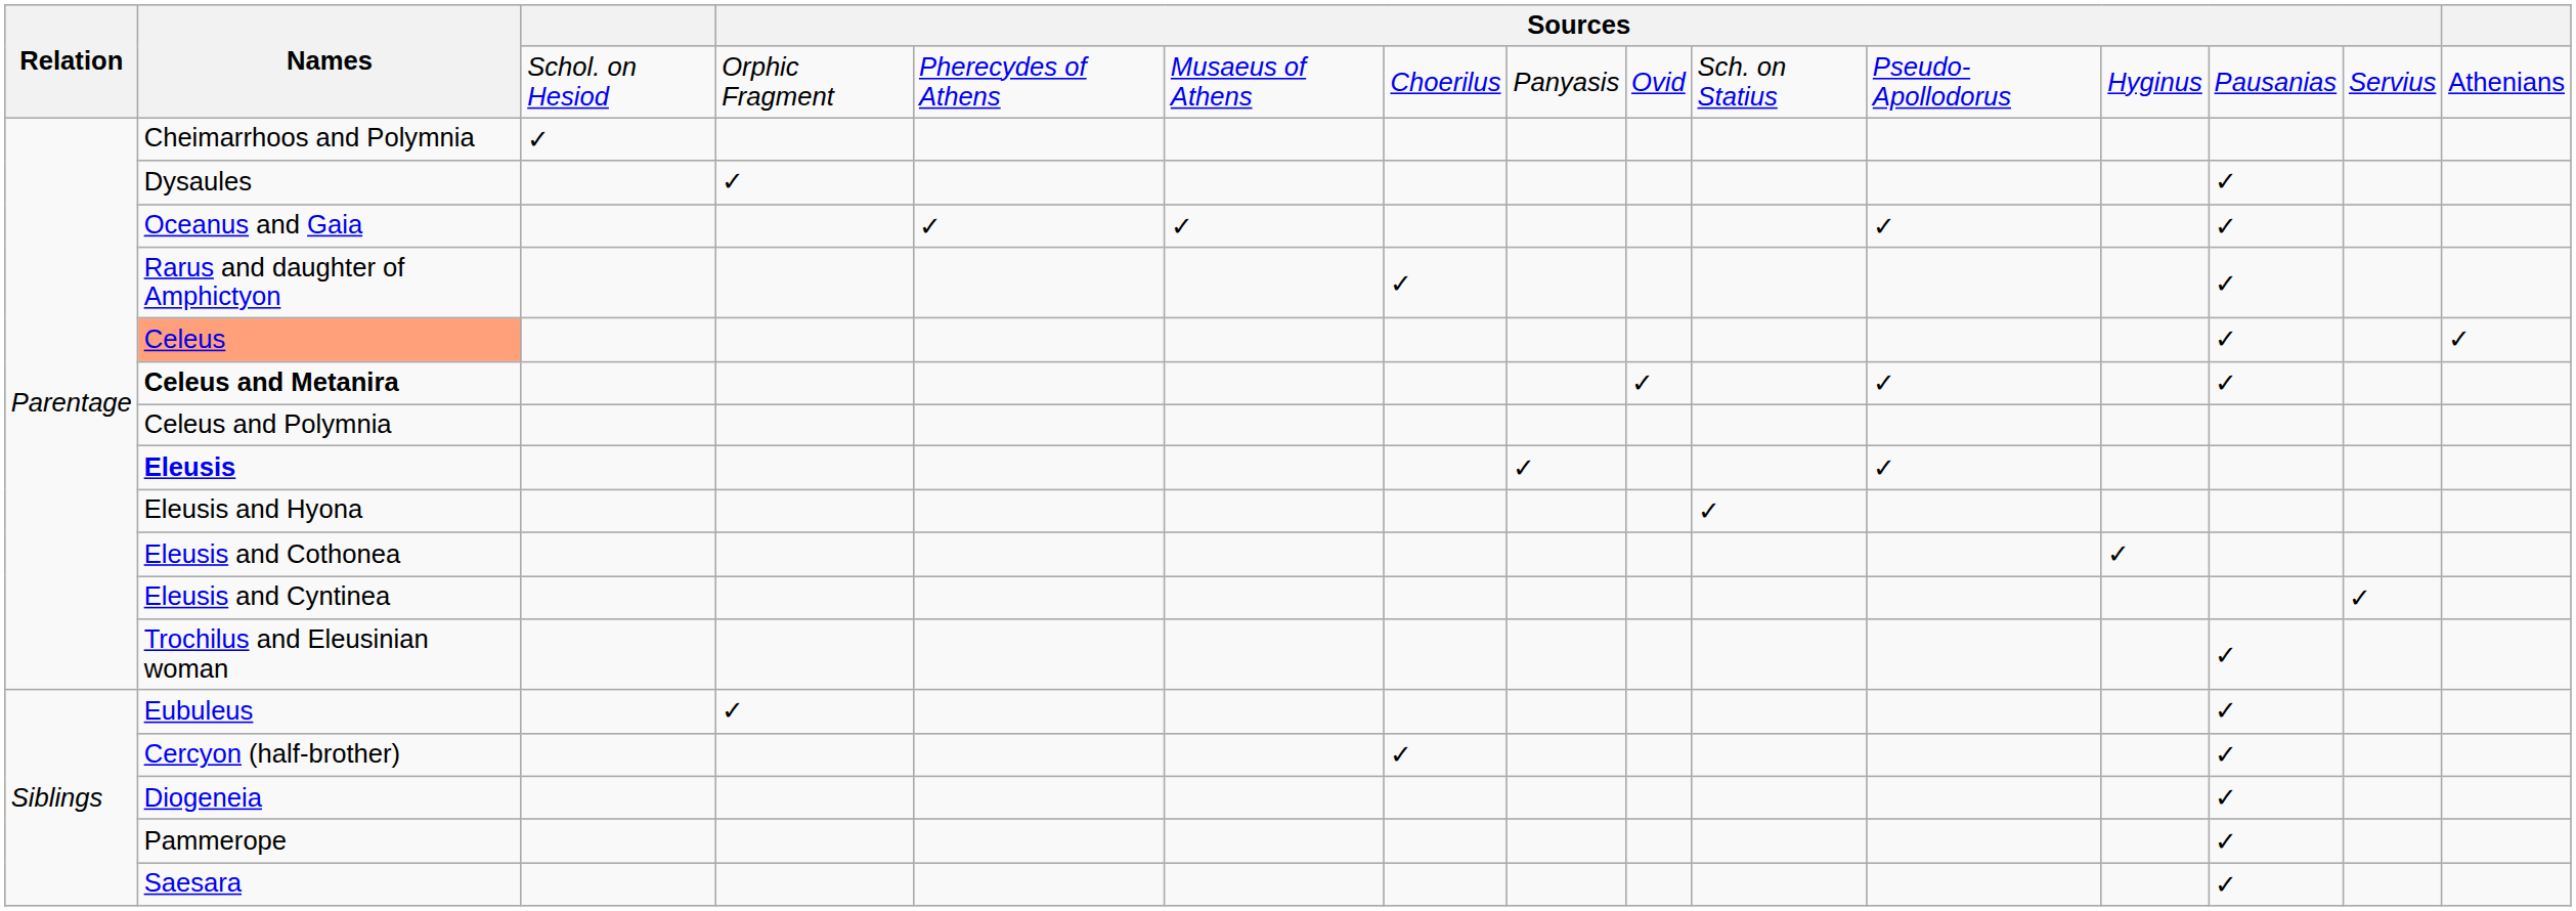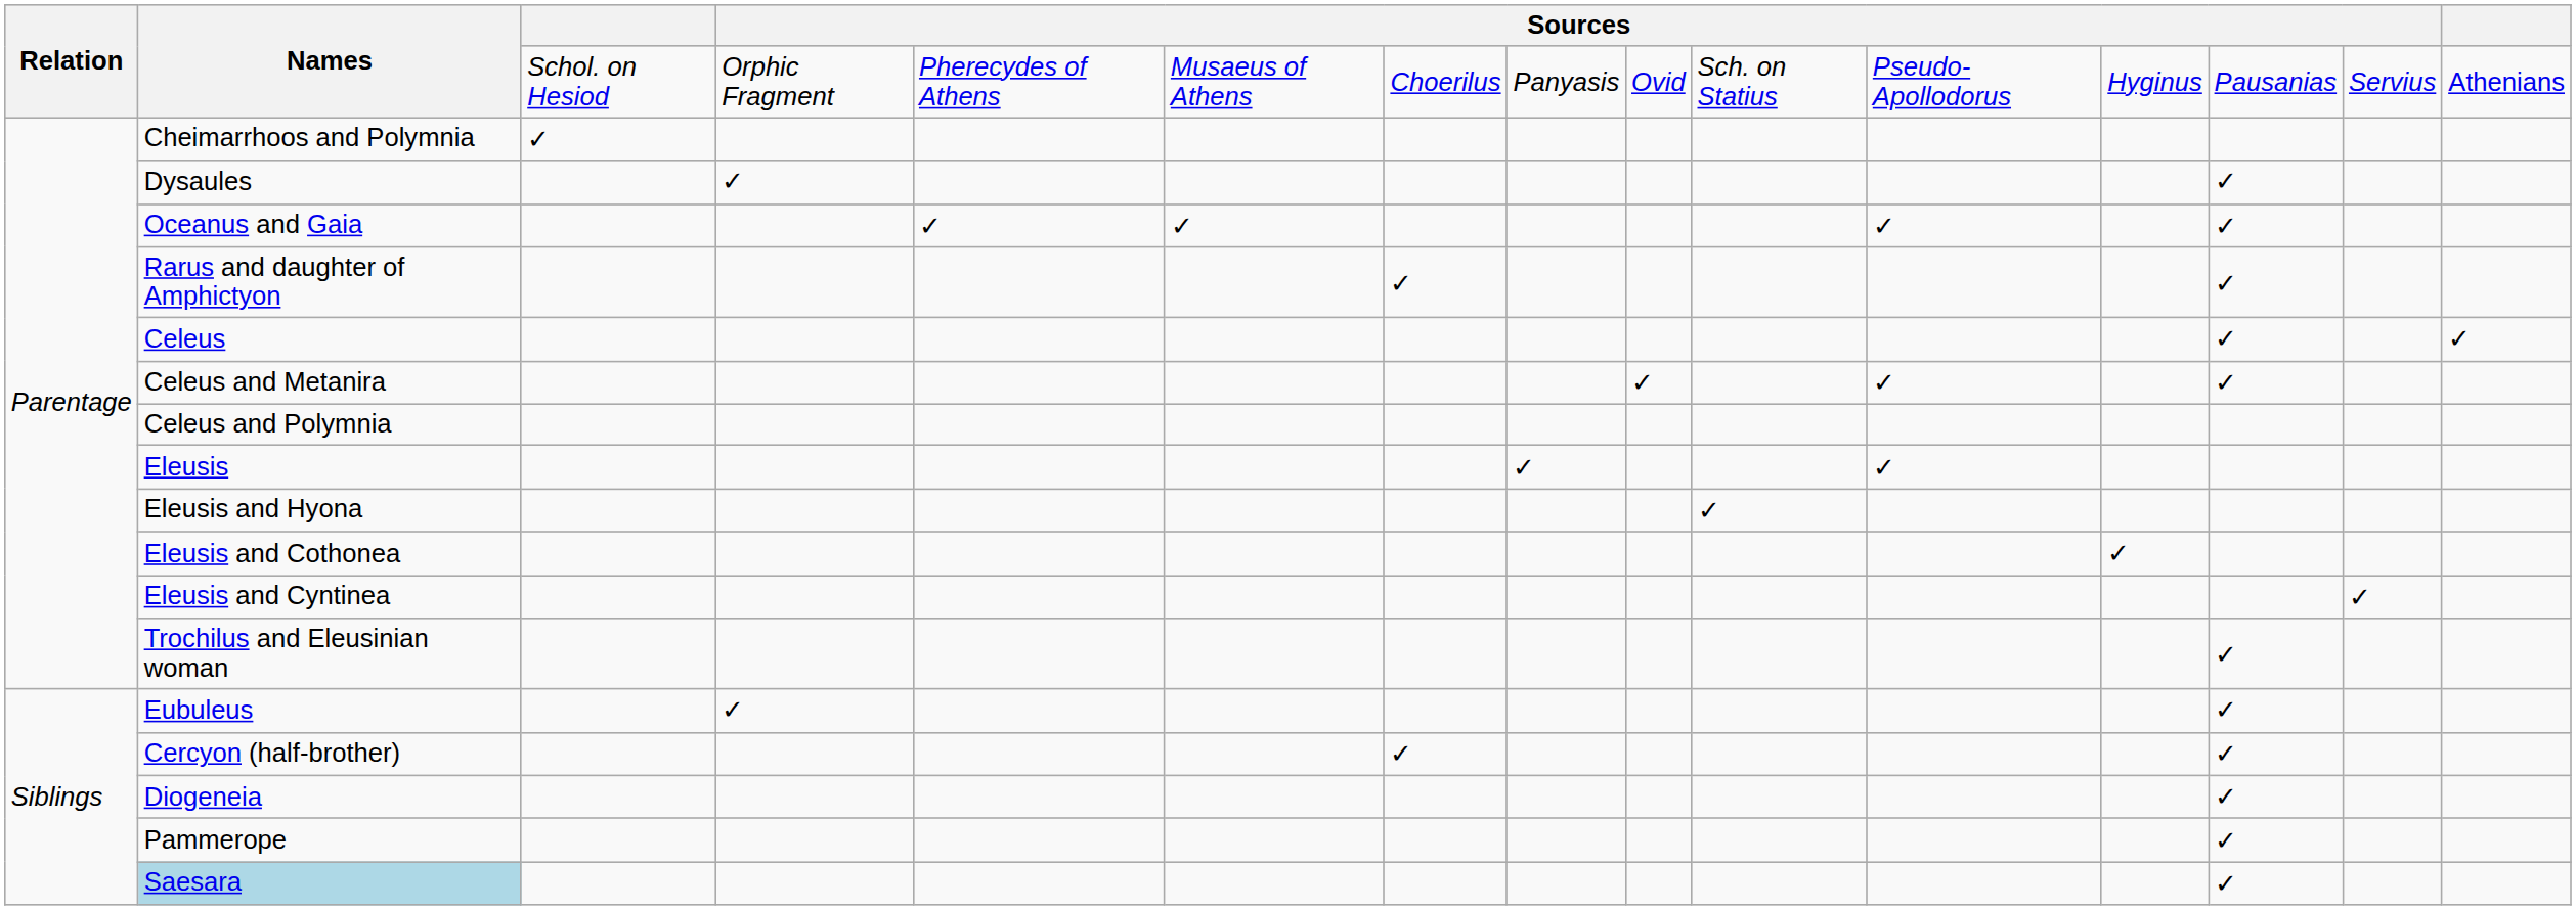 <table class="wikitable">
 <tr>
 <th rowspan="2">Relation</th>
 <th rowspan="2">Names</th>
 <th></th>
 <th colspan="11">Sources</th>
 <th></th>
 </tr>
 <tr>
 <td><em>Schol. on <a href='#'>Hesiod</a></em></td>
 <td><em>Orphic Fragment</em></td>
 <td><em><a href='#'>Pherecydes of Athens</a></em></td>
 <td><em><a href='#'>Musaeus of Athens</a></em></td>
 <td><em><a href='#'>Choerilus</a></em></td>
 <td><em>Panyasis</em></td>
 <td><em><a href='#'>Ovid</a></em></td>
 <td><em>Sch. on <a href='#'>Statius</a></em></td>
 <td><em><a href='#'>Pseudo-Apollodorus</a></em></td>
 <td><em><a href='#'>Hyginus</a></em></td>
 <td><em><a href='#'>Pausanias</a></em></td>
 <td><em><a href='#'>Servius</a></em></td>
 <td><a href='#'>Athenians</a></td>
 </tr>
 <tr>
 <td rowspan="12"><em>Parentage</em></td>
 <td>Cheimarrhoos and Polymnia</td>
 <td>✓</td>
 <td></td>
 <td></td>
 <td></td>
 <td></td>
 <td></td>
 <td></td>
 <td></td>
 <td></td>
 <td></td>
 <td></td>
 <td></td>
 <td></td>
 </tr>
 <tr>
 <td>Dysaules</td>
 <td></td>
 <td>✓</td>
 <td></td>
 <td></td>
 <td></td>
 <td></td>
 <td></td>
 <td></td>
 <td></td>
 <td></td>
 <td>✓</td>
 <td></td>
 <td></td>
 </tr>
 <tr>
 <td><a href='#'>Oceanus</a> and <a href='#'>Gaia</a></td>
 <td></td>
 <td></td>
 <td>✓</td>
 <td>✓</td>
 <td></td>
 <td></td>
 <td></td>
 <td></td>
 <td>✓</td>
 <td></td>
 <td>✓</td>
 <td></td>
 <td></td>
 </tr>
 <tr>
 <td><a href='#'>Rarus</a> and daughter of <a href='#'>Amphictyon</a></td>
 <td></td>
 <td></td>
 <td></td>
 <td></td>
 <td>✓</td>
 <td></td>
 <td></td>
 <td></td>
 <td></td>
 <td></td>
 <td>✓</td>
 <td></td>
 <td></td>
 </tr>
 <tr>
-<td style="background: lightsalmon;"><a href='#'>Celeus</a></td>
+<td><a href='#'>Celeus</a></td>
 <td></td>
 <td></td>
 <td></td>
 <td></td>
 <td></td>
 <td></td>
 <td></td>
 <td></td>
 <td></td>
 <td></td>
 <td>✓</td>
 <td></td>
 <td>✓</td>
 </tr>
 <tr>
-<td><strong>Celeus and Metanira</strong></td>
+<td>Celeus and Metanira</td>
 <td></td>
 <td></td>
 <td></td>
 <td></td>
 <td></td>
 <td></td>
 <td>✓</td>
 <td></td>
 <td>✓</td>
 <td></td>
 <td>✓</td>
 <td></td>
 <td></td>
 </tr>
 <tr>
 <td>Celeus and Polymnia</td>
 <td></td>
 <td></td>
 <td></td>
 <td></td>
 <td></td>
 <td></td>
 <td></td>
 <td></td>
 <td></td>
 <td></td>
 <td></td>
 <td></td>
 <td></td>
 </tr>
 <tr>
-<td><strong><a href='#'>Eleusis</a></strong></td>
+<td><a href='#'>Eleusis</a></td>
 <td></td>
 <td></td>
 <td></td>
 <td></td>
 <td></td>
 <td>✓</td>
 <td></td>
 <td></td>
 <td>✓</td>
 <td></td>
 <td></td>
 <td></td>
 <td></td>
 </tr>
 <tr>
 <td>Eleusis and Hyona</td>
 <td></td>
 <td></td>
 <td></td>
 <td></td>
 <td></td>
 <td></td>
 <td></td>
 <td>✓</td>
 <td></td>
 <td></td>
 <td></td>
 <td></td>
 <td></td>
 </tr>
 <tr>
 <td><a href='#'>Eleusis</a> and Cothonea</td>
 <td></td>
 <td></td>
 <td></td>
 <td></td>
 <td></td>
 <td></td>
 <td></td>
 <td></td>
 <td></td>
 <td>✓</td>
 <td></td>
 <td></td>
 <td></td>
 </tr>
 <tr>
 <td><a href='#'>Eleusis</a> and Cyntinea</td>
 <td></td>
 <td></td>
 <td></td>
 <td></td>
 <td></td>
 <td></td>
 <td></td>
 <td></td>
 <td></td>
 <td></td>
 <td></td>
 <td>✓</td>
 <td></td>
 </tr>
 <tr>
 <td><a href='#'>Trochilus</a> and Eleusinian woman</td>
 <td></td>
 <td></td>
 <td></td>
 <td></td>
 <td></td>
 <td></td>
 <td></td>
 <td></td>
 <td></td>
 <td></td>
 <td>✓</td>
 <td></td>
 <td></td>
 </tr>
 <tr>
 <td rowspan="5"><em>Siblings</em></td>
 <td><a href='#'>Eubuleus</a></td>
 <td></td>
 <td>✓</td>
 <td></td>
 <td></td>
 <td></td>
 <td></td>
 <td></td>
 <td></td>
 <td></td>
 <td></td>
 <td>✓</td>
 <td></td>
 <td></td>
 </tr>
 <tr>
 <td><a href='#'>Cercyon</a> (half-brother)</td>
 <td></td>
 <td></td>
 <td></td>
 <td></td>
 <td>✓</td>
 <td></td>
 <td></td>
 <td></td>
 <td></td>
 <td></td>
 <td>✓</td>
 <td></td>
 <td></td>
 </tr>
 <tr>
 <td><a href='#'>Diogeneia</a></td>
 <td></td>
 <td></td>
 <td></td>
 <td></td>
 <td></td>
 <td></td>
 <td></td>
 <td></td>
 <td></td>
 <td></td>
 <td>✓</td>
 <td></td>
 <td></td>
 </tr>
 <tr>
 <td>Pammerope</td>
 <td></td>
 <td></td>
 <td></td>
 <td></td>
 <td></td>
 <td></td>
 <td></td>
 <td></td>
 <td></td>
 <td></td>
 <td>✓</td>
 <td></td>
 <td></td>
 </tr>
 <tr>
-<td><a href='#'>Saesara</a></td>
+<td style="background: lightblue;"><a href='#'>Saesara</a></td>
 <td></td>
 <td></td>
 <td></td>
 <td></td>
 <td></td>
 <td></td>
 <td></td>
 <td></td>
 <td></td>
 <td></td>
 <td>✓</td>
 <td></td>
 <td></td>
 </tr>
 </table>
